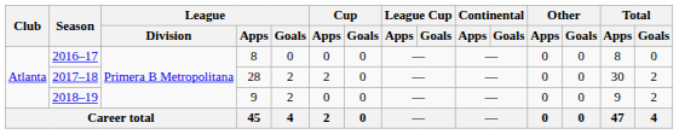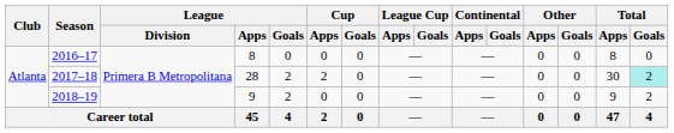 <table class="wikitable" style="text-align:center">
 <tr>
 <th rowspan="2">Club</th>
 <th rowspan="2">Season</th>
 <th colspan="3">League</th>
 <th colspan="2">Cup</th>
 <th colspan="2">League Cup</th>
 <th colspan="2">Continental</th>
 <th colspan="2">Other</th>
 <th colspan="2">Total</th>
 </tr>
 <tr>
 <th>Division</th>
 <th>Apps</th>
 <th>Goals</th>
 <th>Apps</th>
 <th>Goals</th>
 <th>Apps</th>
 <th>Goals</th>
 <th>Apps</th>
 <th>Goals</th>
 <th>Apps</th>
 <th>Goals</th>
 <th>Apps</th>
 <th>Goals</th>
 </tr>
 <tr>
 <td rowspan="3"><a href='#'>Atlanta</a></td>
 <td><a href='#'>2016–17</a></td>
 <td rowspan="3"><a href='#'>Primera B Metropolitana</a></td>
 <td>8</td>
 <td>0</td>
 <td>0</td>
 <td>0</td>
 <td colspan="2">—</td>
 <td colspan="2">—</td>
 <td>0</td>
 <td>0</td>
 <td>8</td>
 <td>0</td>
 </tr>
 <tr>
 <td><a href='#'>2017–18</a></td>
 <td>28</td>
 <td>2</td>
 <td>2</td>
 <td>0</td>
 <td colspan="2">—</td>
 <td colspan="2">—</td>
 <td>0</td>
 <td>0</td>
 <td>30</td>
-<td>2</td>
+<td style="background: paleturquoise;">2</td>
 </tr>
 <tr>
 <td><a href='#'>2018–19</a></td>
 <td>9</td>
 <td>2</td>
 <td>0</td>
 <td>0</td>
 <td colspan="2">—</td>
 <td colspan="2">—</td>
 <td>0</td>
 <td>0</td>
 <td>9</td>
 <td>2</td>
 </tr>
 <tr>
 <th colspan="3">Career total</th>
 <th>45</th>
 <th>4</th>
 <th>2</th>
 <th>0</th>
 <th colspan="2">—</th>
 <th colspan="2">—</th>
 <th>0</th>
 <th>0</th>
 <th>47</th>
 <th>4</th>
 </tr>
 </table>
